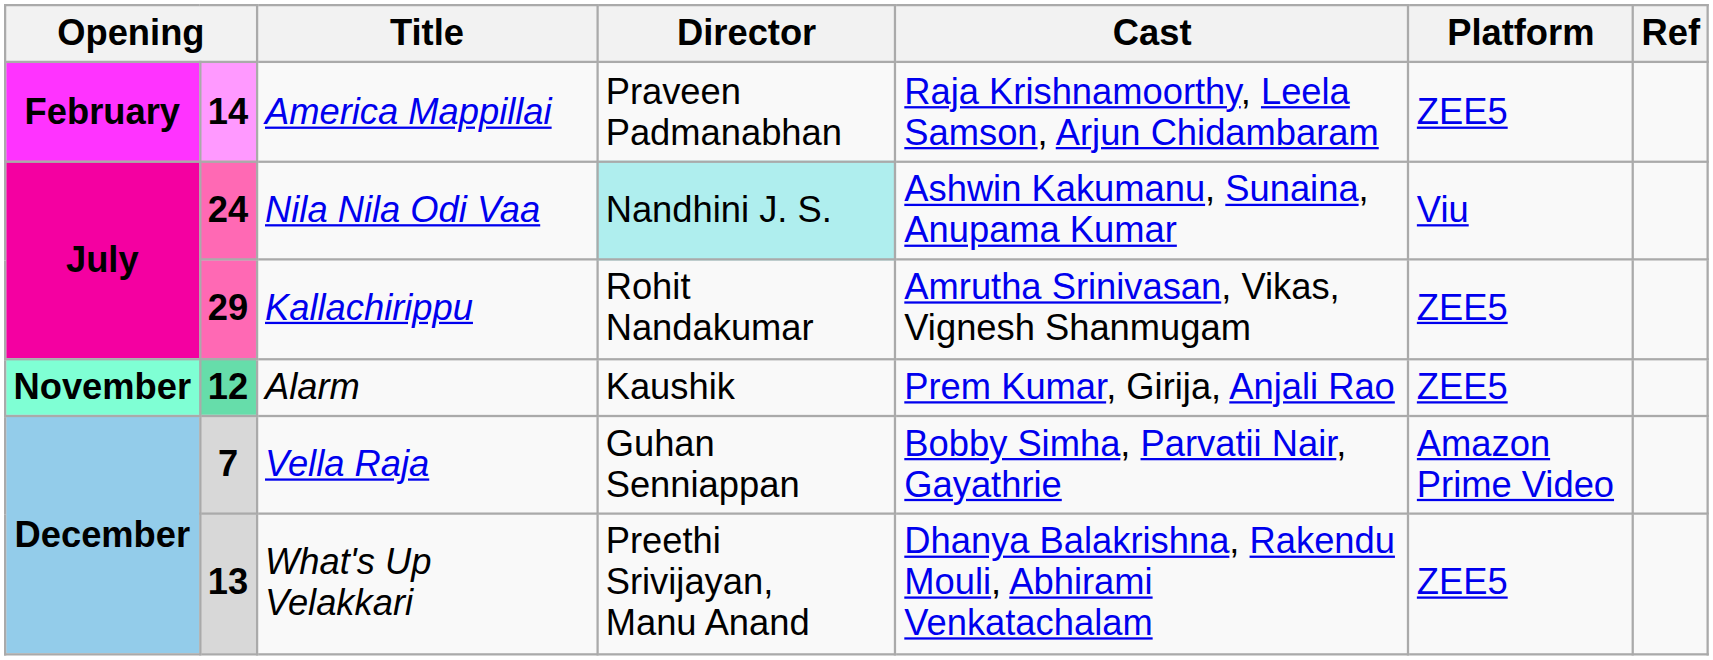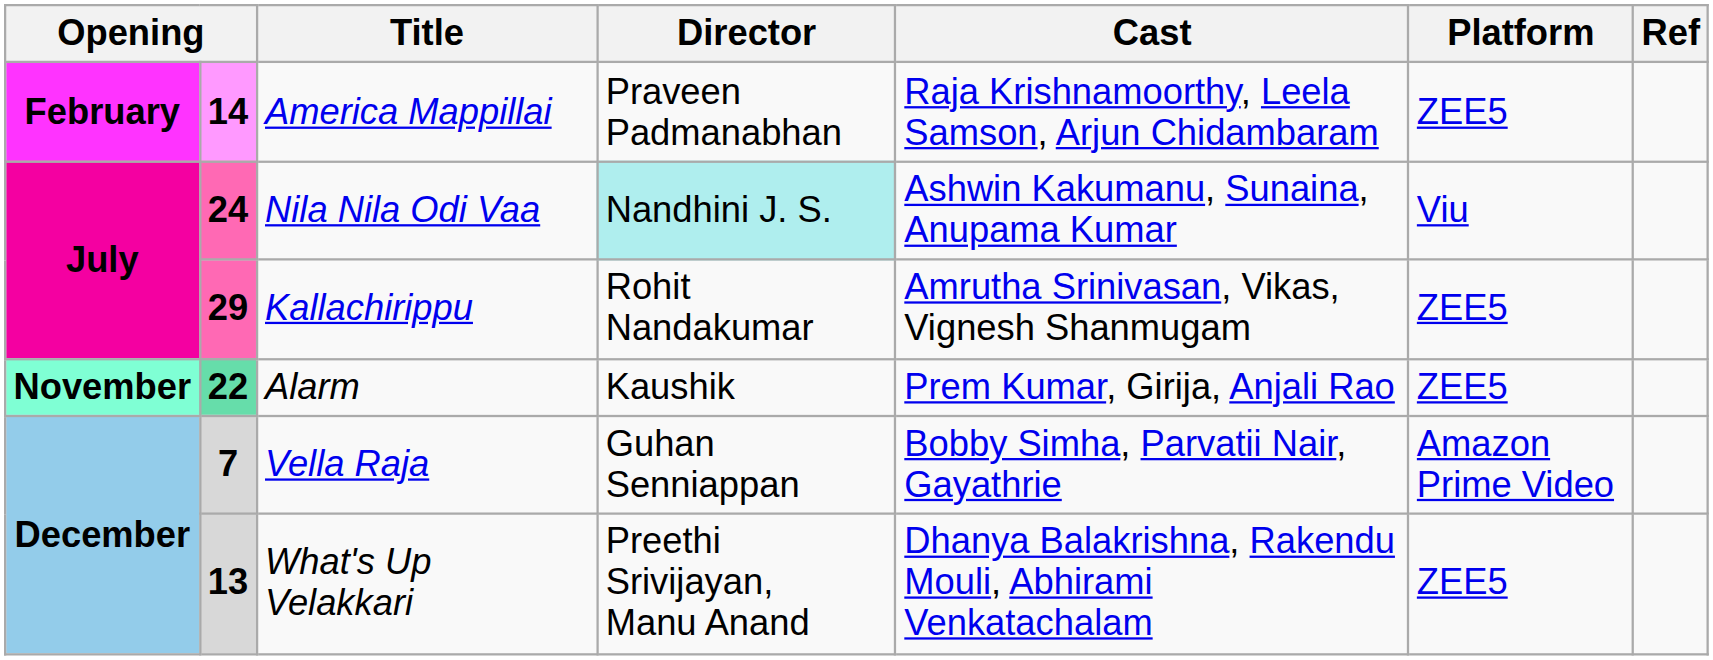 <table class="wikitable" width="85%">
 <tr>
 <th colspan="2">Opening</th>
 <th style="width:20%;">Title</th>
 <th>Director</th>
 <th>Cast</th>
 <th>Platform</th>
 <th>Ref</th>
 </tr>
 <tr>
 <td style="text-align:center; background:#f3f;"><strong>February</strong></td>
 <td style="text-align:center; background:#f9f;"><strong>14</strong></td>
 <td><em><a href='#'>America Mappillai</a></em></td>
 <td>Praveen Padmanabhan</td>
 <td><a href='#'>Raja Krishnamoorthy</a>, <a href='#'>Leela Samson</a>, <a href='#'>Arjun Chidambaram</a></td>
 <td><a href='#'>ZEE5</a></td>
 <td></td>
 </tr>
 <tr>
 <td rowspan="2" style="text-align:center; background:#F400A1; textcolor:#000;"><strong>July</strong></td>
 <td style="text-align:center; background:hotPink;"><strong>24</strong></td>
 <td><em><a href='#'>Nila Nila Odi Vaa</a></em></td>
 <td style="background: paleturquoise;">Nandhini J. S.</td>
 <td><a href='#'>Ashwin Kakumanu</a>, <a href='#'>Sunaina</a>, <a href='#'>Anupama Kumar</a></td>
 <td><a href='#'>Viu</a></td>
 <td></td>
 </tr>
 <tr>
 <td style="text-align:center; background:hotPink;"><strong>29</strong></td>
 <td><em><a href='#'>Kallachirippu</a></em></td>
 <td>Rohit Nandakumar</td>
 <td><a href='#'>Amrutha Srinivasan</a>, Vikas, Vignesh Shanmugam</td>
 <td><a href='#'>ZEE5</a></td>
 <td></td>
 </tr>
 <tr>
 <td style="text-align:center; background:#7fffd4; textcolor:#000;"><strong>November</strong></td>
-<td style="text-align:center; background:#6da;"><strong>12</strong></td>
+<td style="text-align:center; background:#6da;"><strong>22</strong></td>
 <td><em>Alarm</em></td>
 <td>Kaushik</td>
 <td><a href='#'>Prem Kumar</a>, Girija, <a href='#'>Anjali Rao</a></td>
 <td><a href='#'>ZEE5</a></td>
 <td></td>
 </tr>
 <tr>
 <td rowspan="2" style="text-align:center; background:#93CCEA;"><strong>December</strong></td>
 <td style="text-align:center; background:#6da; background:#d8d8d8;"><strong>7</strong></td>
 <td><em><a href='#'>Vella Raja</a></em></td>
 <td>Guhan Senniappan</td>
 <td><a href='#'>Bobby Simha</a>, <a href='#'>Parvatii Nair</a>, <a href='#'>Gayathrie</a></td>
 <td><a href='#'>Amazon Prime Video</a></td>
 <td></td>
 </tr>
 <tr>
 <td style="text-align:center; background:#6da; background:#d8d8d8;"><strong>13</strong></td>
 <td><em>What's Up Velakkari</em></td>
 <td>Preethi Srivijayan,<br>Manu Anand</td>
 <td><a href='#'>Dhanya Balakrishna</a>, <a href='#'>Rakendu Mouli</a>, <a href='#'>Abhirami Venkatachalam</a></td>
 <td><a href='#'>ZEE5</a></td>
 <td></td>
 </tr>
 </table>
